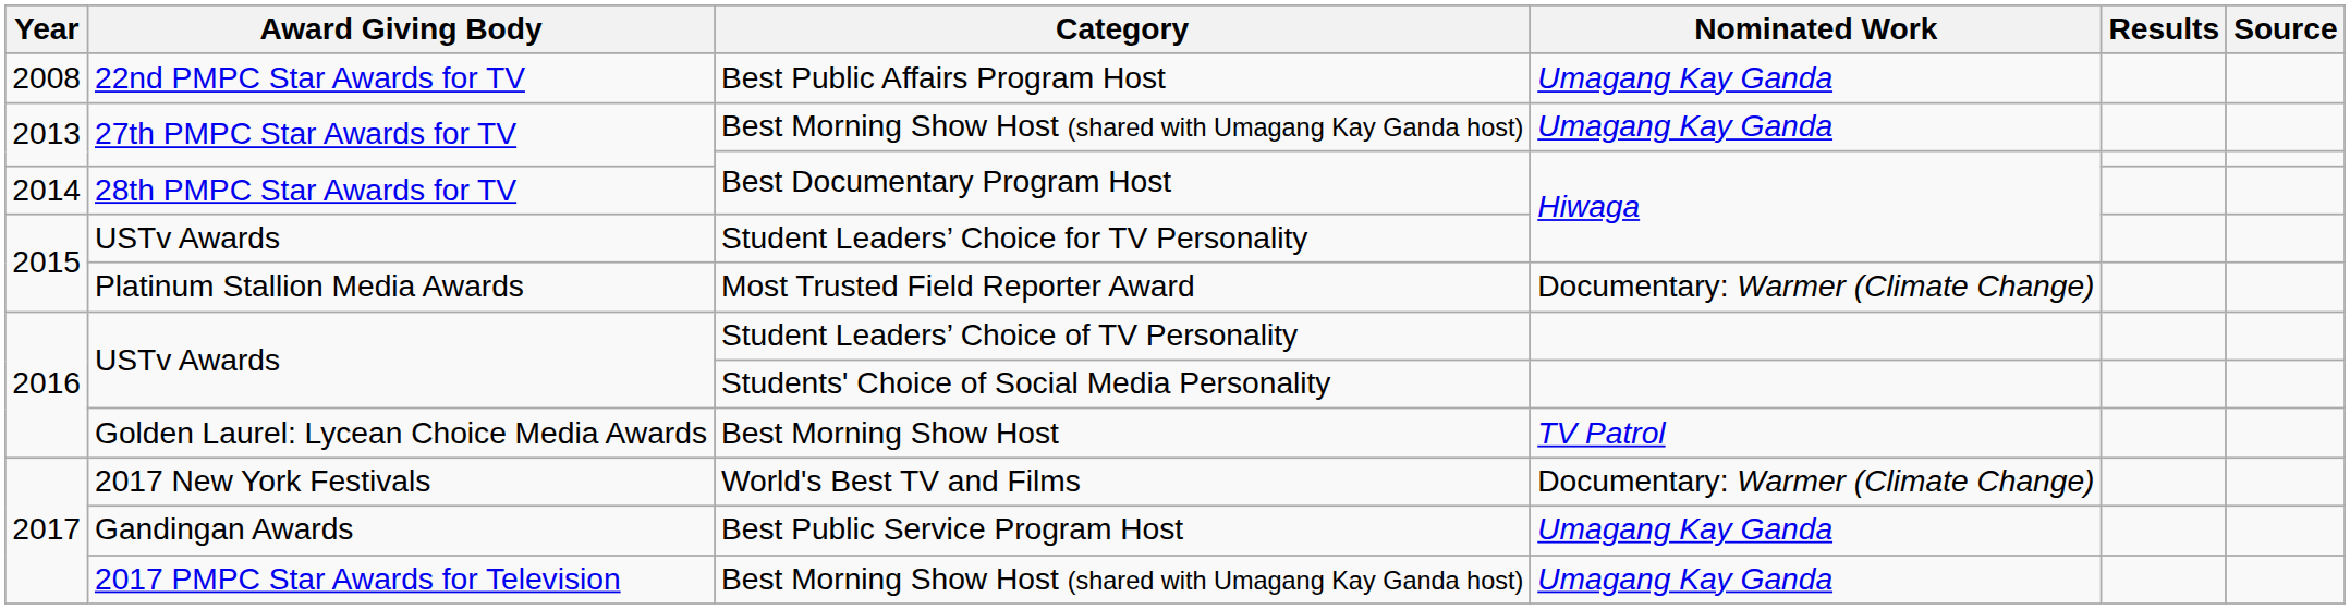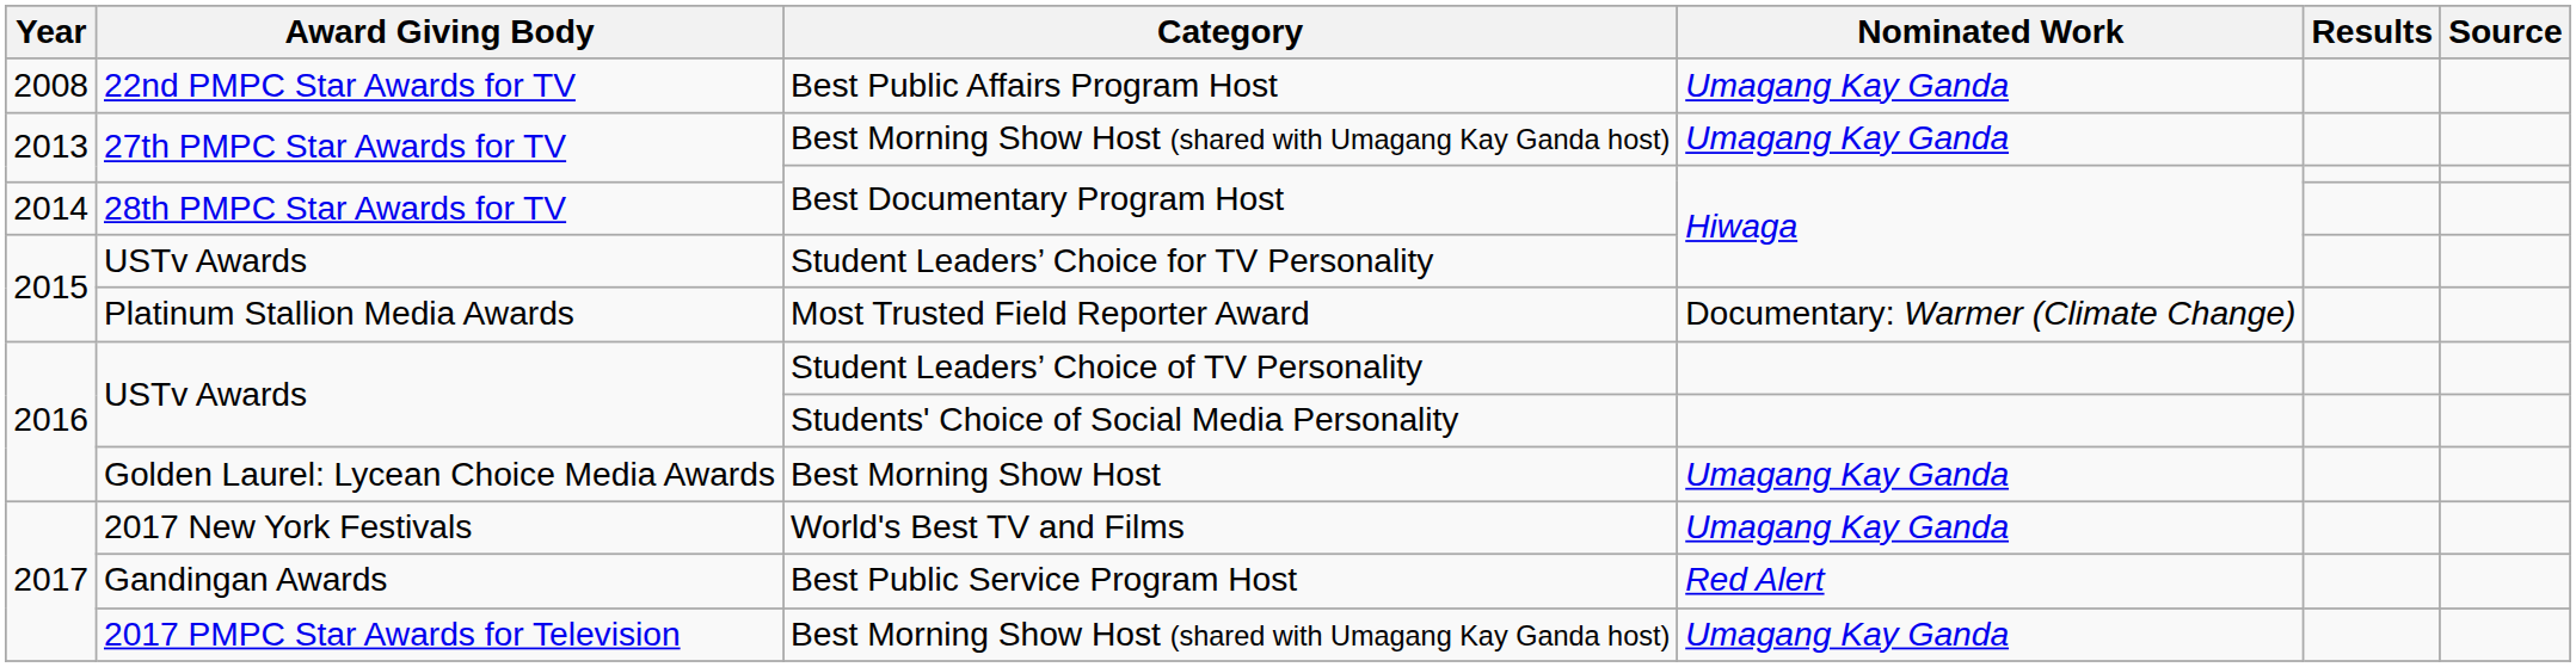 <table class="wikitable">
 <tr>
 <th>Year</th>
 <th>Award Giving Body</th>
 <th>Category</th>
 <th>Nominated Work</th>
 <th>Results</th>
 <th>Source</th>
 </tr>
 <tr>
 <td>2008</td>
 <td><a href='#'>22nd PMPC Star Awards for TV</a></td>
 <td>Best Public Affairs Program Host</td>
 <td><em><a href='#'>Umagang Kay Ganda</a></em></td>
 <td></td>
 <td></td>
 </tr>
 <tr>
 <td rowspan=2>2013</td>
 <td rowspan=2><a href='#'>27th PMPC Star Awards for TV</a></td>
 <td>Best Morning Show Host <small>(shared with Umagang Kay Ganda host)</small></td>
 <td><em><a href='#'>Umagang Kay Ganda</a></em></td>
 <td></td>
 <td></td>
 </tr>
 <tr>
 <td rowspan=2>Best Documentary Program Host</td>
 <td rowspan=3><em><a href='#'>Hiwaga</a></em></td>
 <td></td>
 <td></td>
 </tr>
 <tr>
 <td>2014</td>
 <td><a href='#'>28th PMPC Star Awards for TV</a></td>
 <td></td>
 <td></td>
 </tr>
 <tr>
 <td rowspan=2>2015</td>
 <td>USTv Awards</td>
 <td>Student Leaders’ Choice for TV Personality</td>
 <td></td>
 <td></td>
 </tr>
 <tr>
 <td>Platinum Stallion Media Awards</td>
 <td>Most Trusted Field Reporter Award</td>
 <td>Documentary: <em>Warmer (Climate Change)</em></td>
 <td></td>
 <td></td>
 </tr>
 <tr>
 <td rowspan=3>2016</td>
 <td rowspan=2>USTv Awards</td>
 <td>Student Leaders’ Choice of TV Personality</td>
 <td></td>
 <td></td>
 <td></td>
 </tr>
 <tr>
 <td>Students' Choice of Social Media Personality</td>
 <td></td>
 <td></td>
 <td></td>
 </tr>
 <tr>
 <td>Golden Laurel: Lycean Choice Media Awards</td>
 <td>Best Morning Show Host</td>
-<td><em><a href='#'>TV Patrol</a></em></td>
+<td><em><a href='#'>Umagang Kay Ganda</a></em></td>
 <td></td>
 <td></td>
 </tr>
 <tr>
 <td rowspan=3>2017</td>
 <td>2017 New York Festivals</td>
 <td>World's Best TV and Films</td>
-<td>Documentary: <em>Warmer (Climate Change)</em></td>
+<td><em><a href='#'>Umagang Kay Ganda</a></em></td>
 <td></td>
 <td style="text-align:center"></td>
 </tr>
 <tr>
 <td>Gandingan Awards</td>
 <td>Best Public Service Program Host</td>
-<td><em><a href='#'>Umagang Kay Ganda</a></em></td>
+<td><em><a href='#'>Red Alert</a></em></td>
 <td></td>
 <td style="text-align:center"></td>
 </tr>
 <tr>
 <td><a href='#'>2017 PMPC Star Awards for Television</a></td>
 <td>Best Morning Show Host <small>(shared with Umagang Kay Ganda host)</small></td>
 <td><em><a href='#'>Umagang Kay Ganda</a></em></td>
 <td></td>
 <td></td>
 </tr>
 </table>
